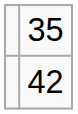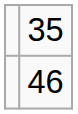 <table class="wikitable">
 <tr>
 <td></td>
 <td style="text-align: center;">35</td>
 </tr>
 <tr>
 <td></td>
-<td style="text-align: center;">42</td>
+<td style="text-align: center;">46</td>
 </tr>
 </table>
